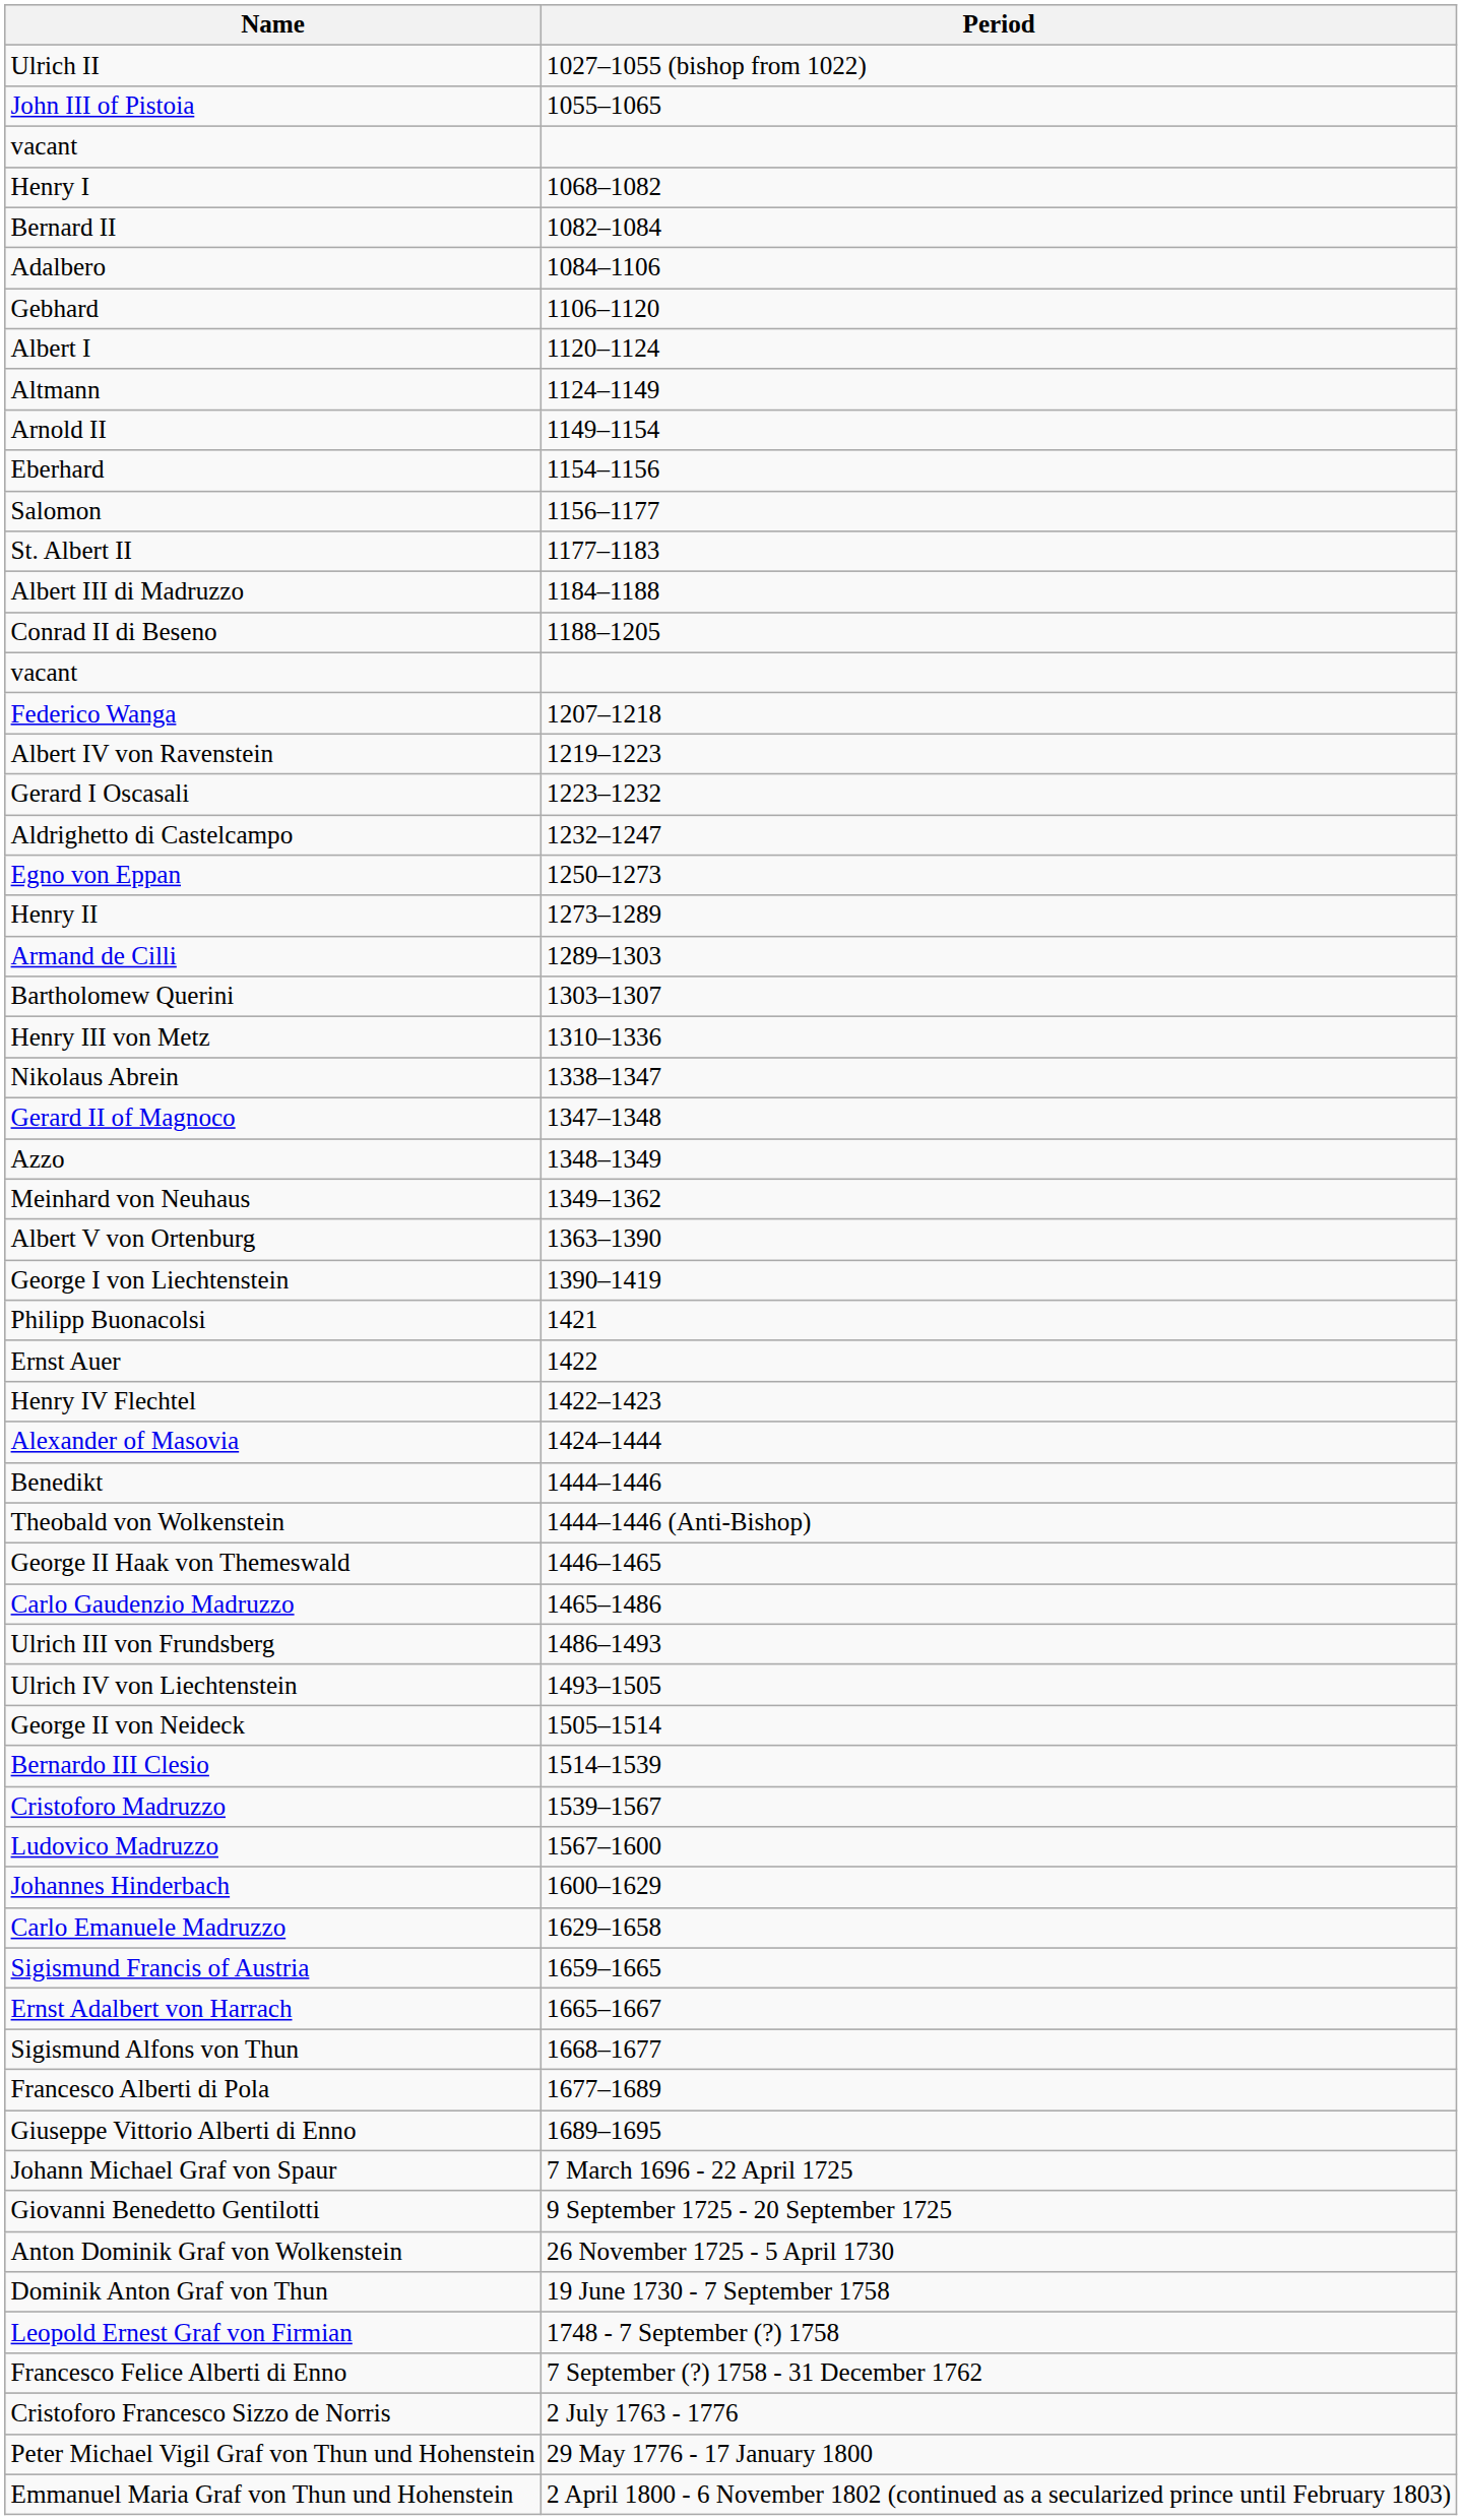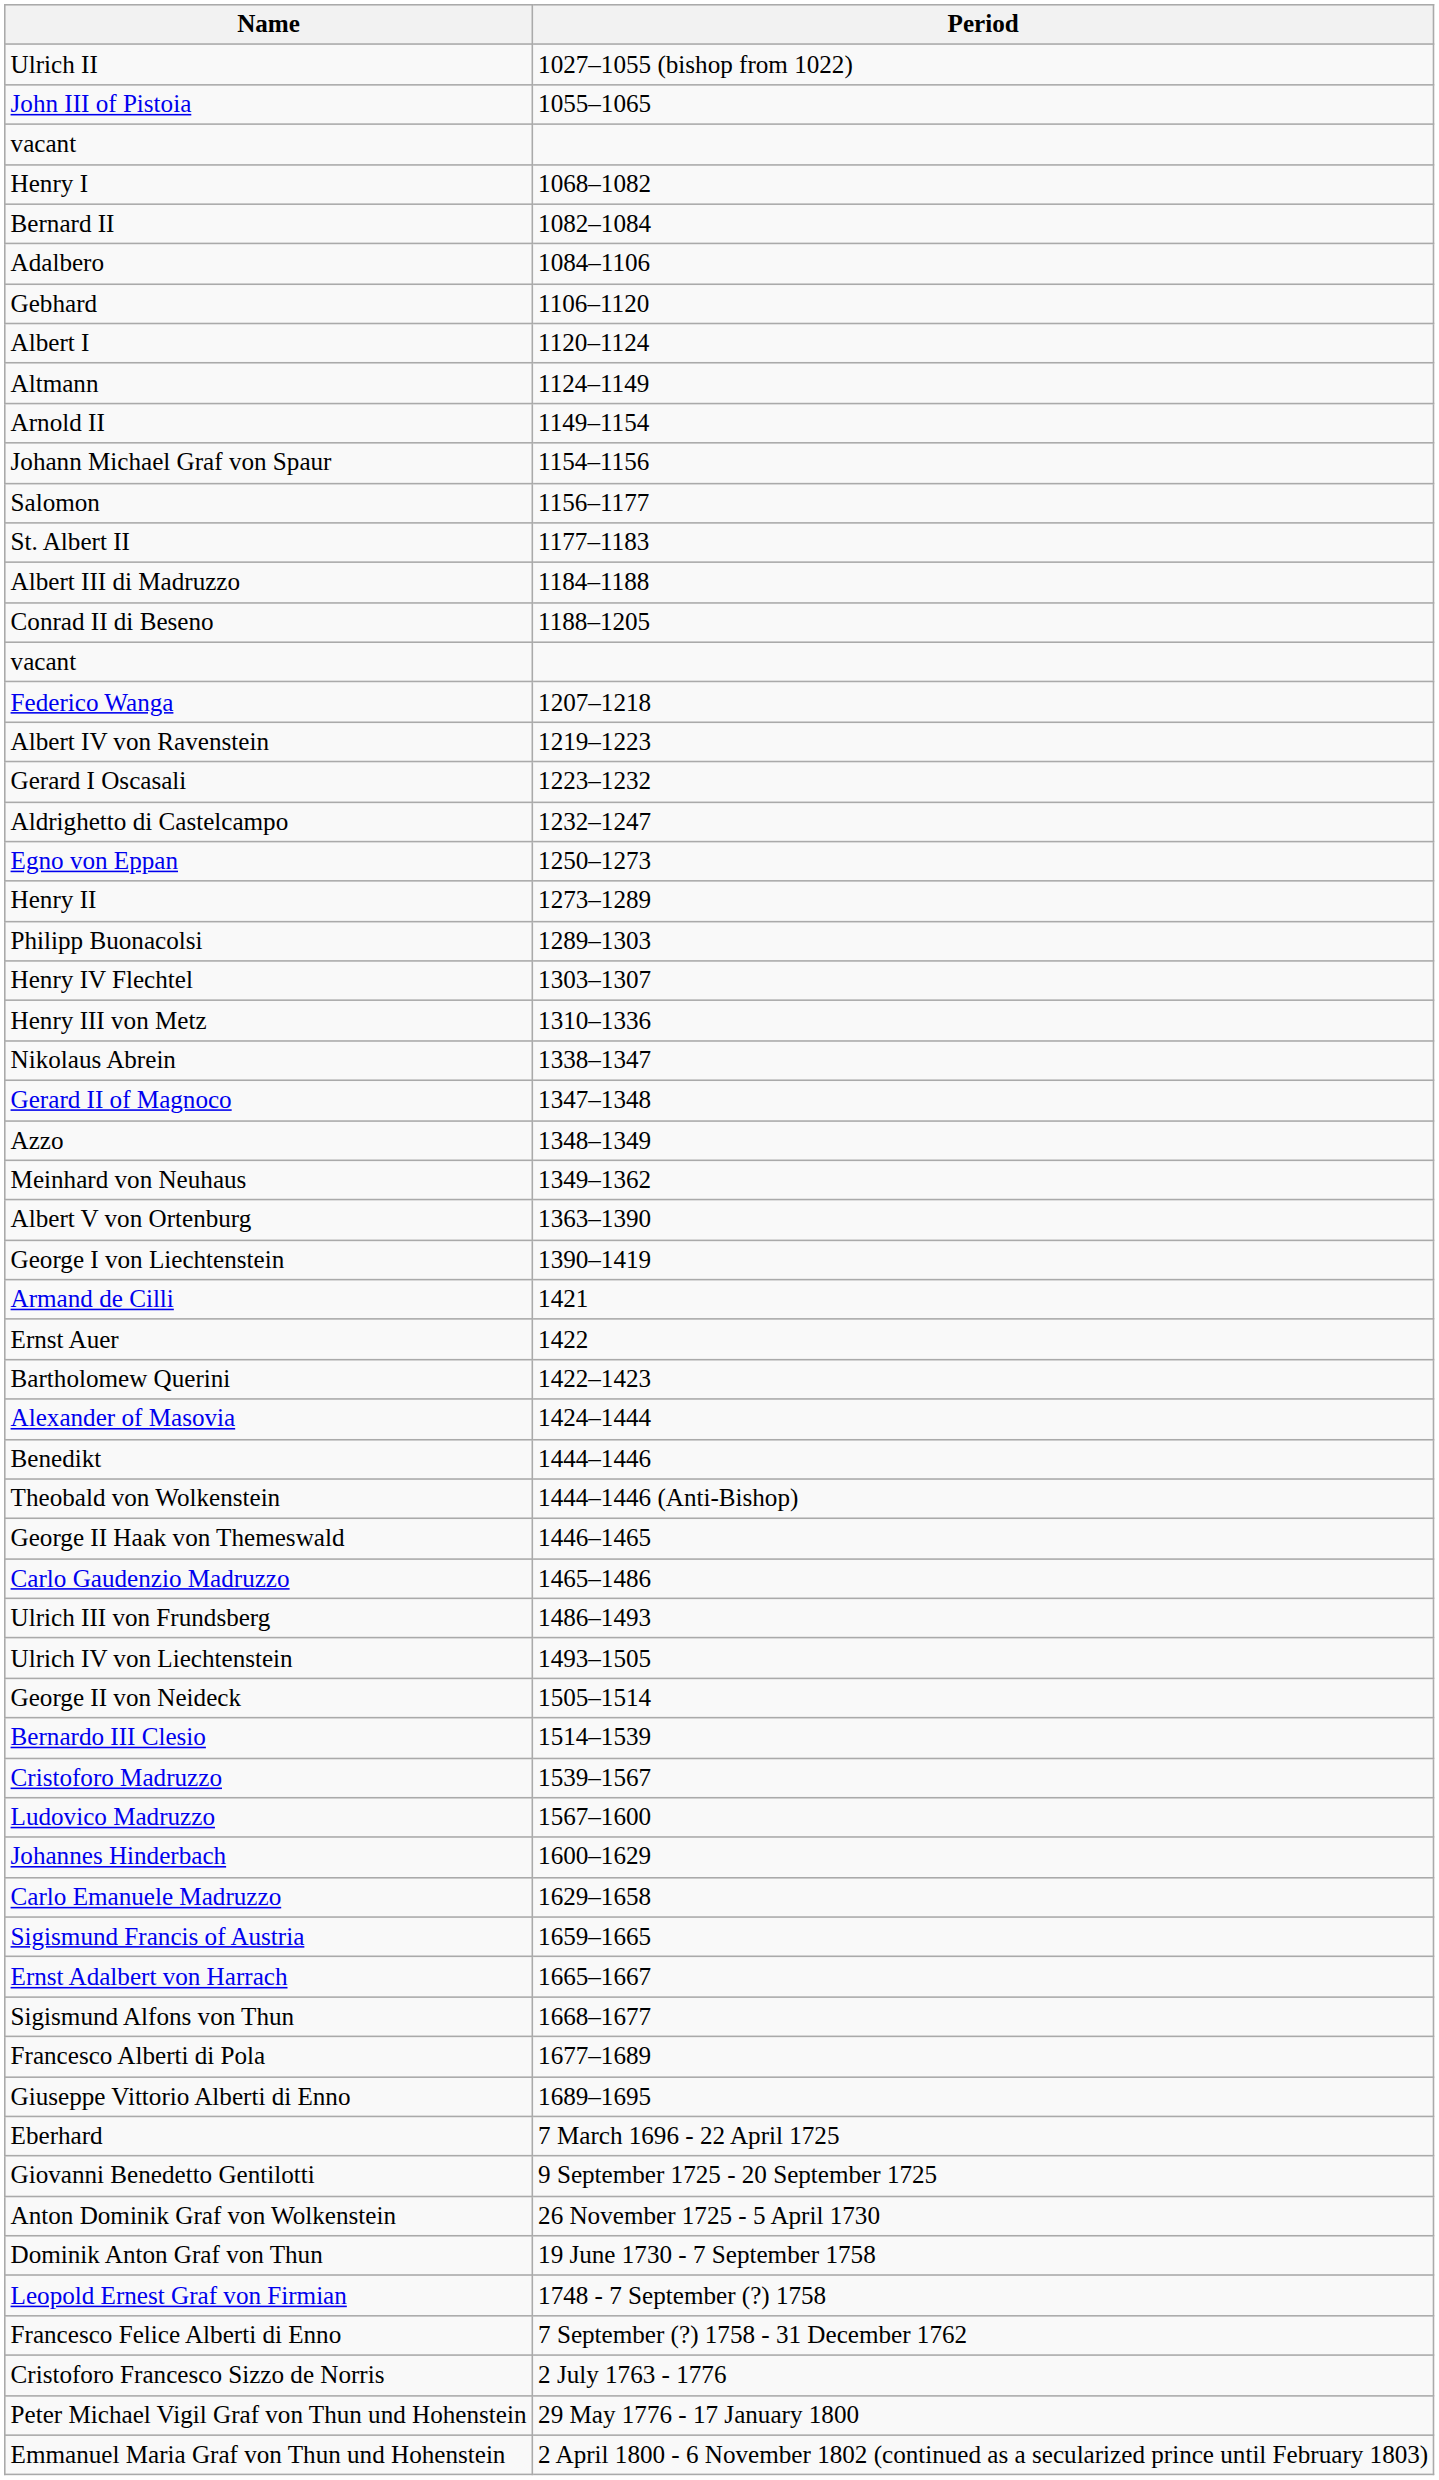 <table class="wikitable">
 <tr>
 <th>Name</th>
 <th>Period</th>
 </tr>
 <tr>
 <td>Ulrich II</td>
 <td>1027–1055 (bishop from 1022)</td>
 </tr>
 <tr>
 <td><a href='#'>John III of Pistoia</a></td>
 <td>1055–1065</td>
 </tr>
 <tr>
 <td>vacant</td>
 <td></td>
 </tr>
 <tr>
 <td>Henry I</td>
 <td>1068–1082</td>
 </tr>
 <tr>
 <td>Bernard II</td>
 <td>1082–1084</td>
 </tr>
 <tr>
 <td>Adalbero</td>
 <td>1084–1106</td>
 </tr>
 <tr>
 <td>Gebhard</td>
 <td>1106–1120</td>
 </tr>
 <tr>
 <td>Albert I</td>
 <td>1120–1124</td>
 </tr>
 <tr>
 <td>Altmann</td>
 <td>1124–1149</td>
 </tr>
 <tr>
 <td>Arnold II</td>
 <td>1149–1154</td>
 </tr>
 <tr>
-<td>Eberhard</td>
+<td>Johann Michael Graf von Spaur</td>
 <td>1154–1156</td>
 </tr>
 <tr>
 <td>Salomon</td>
 <td>1156–1177</td>
 </tr>
 <tr>
 <td>St. Albert II</td>
 <td>1177–1183</td>
 </tr>
 <tr>
 <td>Albert III di Madruzzo</td>
 <td>1184–1188</td>
 </tr>
 <tr>
 <td>Conrad II di Beseno</td>
 <td>1188–1205</td>
 </tr>
 <tr>
 <td>vacant</td>
 </tr>
 <tr>
 <td><a href='#'>Federico Wanga</a></td>
 <td>1207–1218</td>
 </tr>
 <tr>
 <td>Albert IV von Ravenstein</td>
 <td>1219–1223</td>
 </tr>
 <tr>
 <td>Gerard I Oscasali</td>
 <td>1223–1232</td>
 </tr>
 <tr>
 <td>Aldrighetto di Castelcampo</td>
 <td>1232–1247</td>
 </tr>
 <tr>
 <td><a href='#'>Egno von Eppan</a></td>
 <td>1250–1273</td>
 </tr>
 <tr>
 <td>Henry II</td>
 <td>1273–1289</td>
 </tr>
 <tr>
-<td><a href='#'>Armand de Cilli</a></td>
+<td>Philipp Buonacolsi</td>
 <td>1289–1303</td>
 </tr>
 <tr>
-<td>Bartholomew Querini</td>
+<td>Henry IV Flechtel</td>
 <td>1303–1307</td>
 </tr>
 <tr>
 <td>Henry III von Metz</td>
 <td>1310–1336</td>
 </tr>
 <tr>
 <td>Nikolaus Abrein</td>
 <td>1338–1347</td>
 </tr>
 <tr>
 <td><a href='#'>Gerard II of Magnoco</a></td>
 <td>1347–1348</td>
 </tr>
 <tr>
 <td>Azzo</td>
 <td>1348–1349</td>
 </tr>
 <tr>
 <td>Meinhard von Neuhaus</td>
 <td>1349–1362</td>
 </tr>
 <tr>
 <td>Albert V von Ortenburg</td>
 <td>1363–1390</td>
 </tr>
 <tr>
 <td>George I von Liechtenstein</td>
 <td>1390–1419</td>
 </tr>
 <tr>
-<td>Philipp Buonacolsi</td>
+<td><a href='#'>Armand de Cilli</a></td>
 <td>1421</td>
 </tr>
 <tr>
 <td>Ernst Auer</td>
 <td>1422</td>
 </tr>
 <tr>
-<td>Henry IV Flechtel</td>
+<td>Bartholomew Querini</td>
 <td>1422–1423</td>
 </tr>
 <tr>
 <td><a href='#'>Alexander of Masovia</a></td>
 <td>1424–1444</td>
 </tr>
 <tr>
 <td>Benedikt</td>
 <td>1444–1446</td>
 </tr>
 <tr>
 <td>Theobald von Wolkenstein</td>
 <td>1444–1446 (Anti-Bishop)</td>
 </tr>
 <tr>
 <td>George II Haak von Themeswald</td>
 <td>1446–1465</td>
 </tr>
 <tr>
 <td><a href='#'>Carlo Gaudenzio Madruzzo</a></td>
 <td>1465–1486</td>
 </tr>
 <tr>
 <td>Ulrich III von Frundsberg</td>
 <td>1486–1493</td>
 </tr>
 <tr>
 <td>Ulrich IV von Liechtenstein</td>
 <td>1493–1505</td>
 </tr>
 <tr>
 <td>George II von Neideck</td>
 <td>1505–1514</td>
 </tr>
 <tr>
 <td><a href='#'>Bernardo III Clesio</a></td>
 <td>1514–1539</td>
 </tr>
 <tr>
 <td><a href='#'>Cristoforo Madruzzo</a></td>
 <td>1539–1567</td>
 </tr>
 <tr>
 <td><a href='#'>Ludovico Madruzzo</a></td>
 <td>1567–1600</td>
 </tr>
 <tr>
 <td><a href='#'>Johannes Hinderbach</a></td>
 <td>1600–1629</td>
 </tr>
 <tr>
 <td><a href='#'>Carlo Emanuele Madruzzo</a></td>
 <td>1629–1658</td>
 </tr>
 <tr>
 <td><a href='#'>Sigismund Francis of Austria</a></td>
 <td>1659–1665</td>
 </tr>
 <tr>
 <td><a href='#'>Ernst Adalbert von Harrach</a></td>
 <td>1665–1667</td>
 </tr>
 <tr>
 <td>Sigismund Alfons von Thun</td>
 <td>1668–1677</td>
 </tr>
 <tr>
 <td>Francesco Alberti di Pola</td>
 <td>1677–1689</td>
 </tr>
 <tr>
 <td>Giuseppe Vittorio Alberti di Enno</td>
 <td>1689–1695</td>
 </tr>
 <tr>
-<td>Johann Michael Graf von Spaur</td>
+<td>Eberhard</td>
 <td>7 March 1696 - 22 April 1725</td>
 </tr>
 <tr>
 <td>Giovanni Benedetto Gentilotti</td>
 <td>9 September 1725 - 20 September 1725</td>
 </tr>
 <tr>
 <td>Anton Dominik Graf von Wolkenstein</td>
 <td>26 November 1725 - 5 April 1730</td>
 </tr>
 <tr>
 <td>Dominik Anton Graf von Thun</td>
 <td>19 June 1730 - 7 September 1758</td>
 </tr>
 <tr>
 <td><a href='#'>Leopold Ernest Graf von Firmian</a></td>
 <td>1748 - 7 September (?) 1758</td>
 </tr>
 <tr>
 <td>Francesco Felice Alberti di Enno</td>
 <td>7 September (?) 1758 - 31 December 1762</td>
 </tr>
 <tr>
 <td>Cristoforo Francesco Sizzo de Norris</td>
 <td>2 July 1763 - 1776</td>
 </tr>
 <tr>
 <td>Peter Michael Vigil Graf von Thun und Hohenstein</td>
 <td>29 May 1776 - 17 January 1800</td>
 </tr>
 <tr>
 <td>Emmanuel Maria Graf von Thun und Hohenstein</td>
 <td>2 April 1800 - 6 November 1802 (continued as a secularized prince until February 1803)</td>
 </tr>
 </table>
